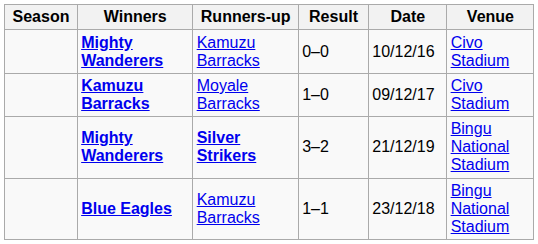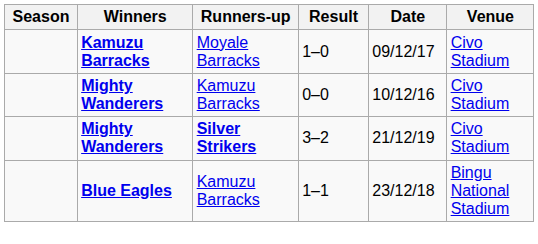 <table class=wikitable style="width:85%">
 <tr>
 <th style="width:5%;">Season</th>
 <th style="width:15%;">Winners</th>
 <th style="width:15%;">Runners-up</th>
 <th style="width:8%;">Result</th>
 <th style="width:5%">Date</th>
 <th style="width:12%;">Venue</th>
-</tr>
-<tr>
-<td></td>
-<td><strong><a href='#'>Mighty Wanderers</a></strong></td>
-<td><a href='#'>Kamuzu Barracks</a></td>
-<td>0–0 </td>
-<td>10/12/16</td>
-<td><a href='#'>Civo Stadium</a></td>
 </tr>
 <tr>
 <td></td>
 <td><strong><a href='#'>Kamuzu Barracks</a></strong></td>
 <td><a href='#'>Moyale Barracks</a></td>
 <td>1–0</td>
 <td>09/12/17</td>
 <td><a href='#'>Civo Stadium</a></td>
 </tr>
 <tr>
 <td></td>
 <td><strong><a href='#'>Mighty Wanderers</a></strong></td>
+<td><a href='#'>Kamuzu Barracks</a></td>
+<td>0–0 </td>
+<td>10/12/16</td>
+<td><a href='#'>Civo Stadium</a></td>
+</tr>
+<tr>
+<td></td>
+<td><strong><a href='#'>Mighty Wanderers</a></strong></td>
 <td><strong><a href='#'>Silver Strikers</a></strong></td>
 <td>3–2</td>
 <td>21/12/19</td>
-<td><a href='#'>Bingu National Stadium</a></td>
+<td><a href='#'>Civo Stadium</a></td>
 </tr>
 <tr>
 <td></td>
 <td><strong><a href='#'>Blue Eagles</a></strong></td>
 <td><a href='#'>Kamuzu Barracks</a></td>
 <td>1–1 </td>
 <td>23/12/18</td>
 <td><a href='#'>Bingu National Stadium</a></td>
 </tr>
 </table>
